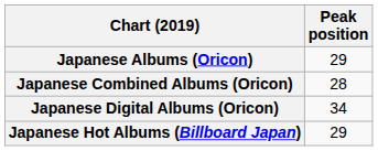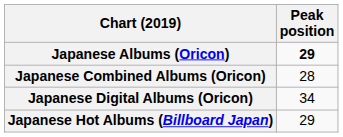 <table class="wikitable sortable plainrowheaders">
 <tr>
 <th>Chart (2019)</th>
 <th>Peak<br>position</th>
 </tr>
 <tr>
 <th scope="row">Japanese Albums (<a href='#'>Oricon</a>)</th>
-<td align="center">29</td>
+<td align="center"><strong>29</strong></td>
 </tr>
 <tr>
 <th scope="row">Japanese Combined Albums (Oricon)</th>
 <td align="center">28</td>
 </tr>
 <tr>
 <th scope="row">Japanese Digital Albums (Oricon)</th>
 <td align="center">34</td>
 </tr>
 <tr>
 <th scope="row">Japanese Hot Albums (<em><a href='#'>Billboard Japan</a></em>)</th>
 <td align="center">29</td>
 </tr>
 </table>
